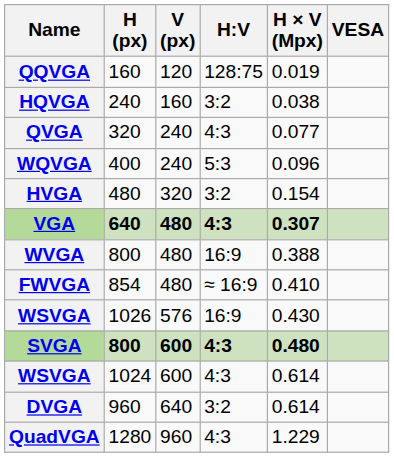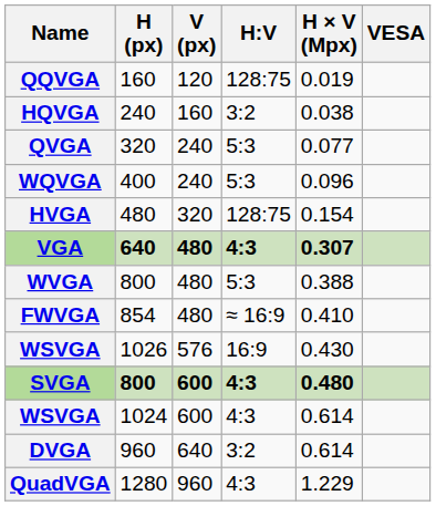 <table class="wikitable floatright sortable">
 <tr>
 <th>Name</th>
 <th>H<br>(px)</th>
 <th>V<br>(px)</th>
 <th>H:V<br></th>
 <th>H × V<br>(Mpx)</th>
 <th>VESA</th>
 </tr>
 <tr>
 <th><a href='#'>QQVGA</a></th>
 <td>160</td>
 <td>120</td>
 <td>128:75</td>
 <td>0.019</td>
 <td></td>
 </tr>
 <tr>
 <th><a href='#'>HQVGA</a></th>
 <td>240</td>
 <td>160</td>
 <td>3:2</td>
 <td>0.038</td>
 <td></td>
 </tr>
 <tr>
 <th><a href='#'>QVGA</a></th>
 <td>320</td>
 <td>240</td>
-<td>4:3</td>
+<td>5:3</td>
 <td>0.077</td>
 <td></td>
 </tr>
 <tr>
 <th><a href='#'>WQVGA</a></th>
 <td>400</td>
 <td>240</td>
 <td>5:3</td>
 <td>0.096</td>
 <td></td>
 </tr>
 <tr>
 <th><a href='#'>HVGA</a></th>
 <td>480</td>
 <td>320</td>
-<td>3:2</td>
+<td>128:75</td>
 <td>0.154</td>
 <td></td>
 </tr>
 <tr style="background-color:#CEE2BF; font-weight: bolder;">
 <th style="background-color:#B3DA99"><a href='#'>VGA</a></th>
 <td>640</td>
 <td>480</td>
 <td>4:3</td>
 <td>0.307</td>
 <td></td>
 </tr>
 <tr>
 <th><a href='#'>WVGA</a></th>
 <td>800</td>
 <td>480</td>
-<td>16:9</td>
+<td>5:3</td>
 <td>0.388</td>
 <td></td>
 </tr>
 <tr>
 <th><a href='#'>FWVGA</a></th>
 <td>854</td>
 <td>480</td>
 <td>≈ 16:9</td>
 <td>0.410</td>
 <td></td>
 </tr>
 <tr>
 <th><a href='#'>WSVGA</a></th>
 <td>1026</td>
 <td>576</td>
 <td>16:9</td>
 <td>0.430</td>
 <td></td>
 </tr>
 <tr style="background-color:#CEE2BF; font-weight: bolder;">
 <th style="background-color:#B3DA99"><a href='#'>SVGA</a></th>
 <td>800</td>
 <td>600</td>
 <td>4:3</td>
 <td>0.480</td>
 <td></td>
 </tr>
 <tr>
 <th><a href='#'>WSVGA</a></th>
 <td>1024</td>
 <td>600</td>
 <td>4:3</td>
 <td>0.614</td>
 <td></td>
 </tr>
 <tr>
 <th><a href='#'>DVGA</a></th>
 <td>960</td>
 <td>640</td>
 <td>3:2</td>
 <td>0.614</td>
 <td></td>
 </tr>
 <tr>
 <th><a href='#'>QuadVGA</a></th>
 <td>1280</td>
 <td>960</td>
 <td>4:3</td>
 <td>1.229</td>
 <td></td>
 </tr>
 </table>
